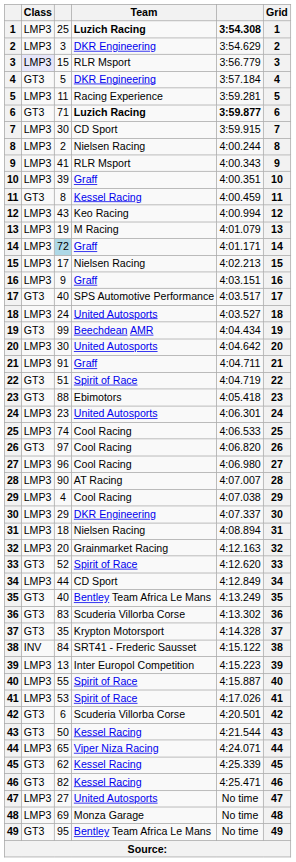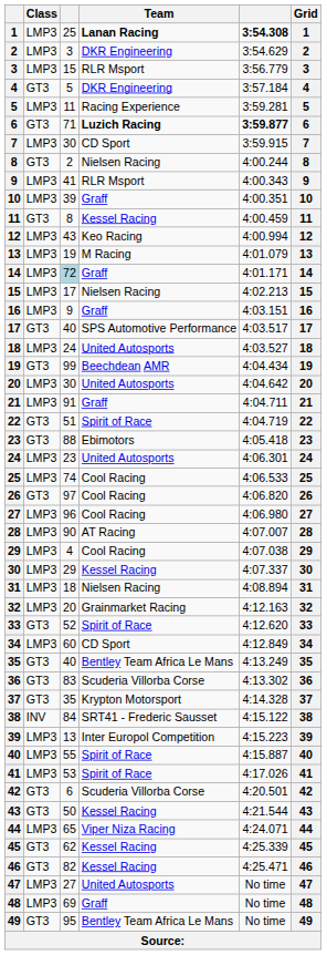 <table class="wikitable" style="font-size: 85%;">
 <tr>
 <th></th>
 <th>Class</th>
 <th></th>
 <th>Team</th>
 <th></th>
 <th>Grid</th>
 </tr>
 <tr>
 <th>1</th>
 <td>LMP3</td>
 <td style="text-align:center">25</td>
-<td><strong>Luzich Racing</strong></td>
+<td><strong>Lanan Racing</strong></td>
 <td style="text-align:center"><strong>3:54.308</strong></td>
 <th>1</th>
 </tr>
 <tr>
 <th>2</th>
 <td>LMP3</td>
 <td style="text-align:center">3</td>
 <td><a href='#'>DKR Engineering</a></td>
 <td style="text-align:center">3:54.629</td>
 <th>2</th>
 </tr>
 <tr>
 <th>3</th>
-<td style="background: lavender;">LMP3</td>
+<td>LMP3</td>
 <td style="text-align:center">15</td>
 <td>RLR Msport</td>
 <td style="text-align:center">3:56.779</td>
 <th>3</th>
 </tr>
 <tr>
 <th>4</th>
 <td>GT3</td>
 <td style="text-align:center">5</td>
 <td><a href='#'>DKR Engineering</a></td>
 <td style="text-align:center">3:57.184</td>
 <th>4</th>
 </tr>
 <tr>
 <th>5</th>
 <td>LMP3</td>
 <td style="text-align:center">11</td>
 <td>Racing Experience</td>
 <td style="text-align:center">3:59.281</td>
 <th>5</th>
 </tr>
 <tr>
 <th>6</th>
 <td>GT3</td>
 <td style="text-align:center">71</td>
 <td><strong>Luzich Racing</strong></td>
 <td style="text-align:center"><strong>3:59.877</strong></td>
 <th>6</th>
 </tr>
 <tr>
 <th>7</th>
 <td>LMP3</td>
 <td style="text-align:center">30</td>
 <td>CD Sport</td>
 <td style="text-align:center">3:59.915</td>
 <th>7</th>
 </tr>
 <tr>
 <th>8</th>
-<td>LMP3</td>
+<td>GT3</td>
 <td style="text-align:center">2</td>
 <td>Nielsen Racing</td>
 <td style="text-align:center">4:00.244</td>
 <th>8</th>
 </tr>
 <tr>
 <th>9</th>
 <td>LMP3</td>
 <td style="text-align:center">41</td>
 <td>RLR Msport</td>
 <td style="text-align:center">4:00.343</td>
 <th>9</th>
 </tr>
 <tr>
 <th>10</th>
 <td>LMP3</td>
 <td style="text-align:center">39</td>
 <td><a href='#'>Graff</a></td>
 <td style="text-align:center">4:00.351</td>
 <th>10</th>
 </tr>
 <tr>
 <th>11</th>
 <td>GT3</td>
 <td style="text-align:center">8</td>
 <td><a href='#'>Kessel Racing</a></td>
 <td style="text-align:center">4:00.459</td>
 <th>11</th>
 </tr>
 <tr>
 <th>12</th>
 <td>LMP3</td>
 <td style="text-align:center">43</td>
 <td>Keo Racing</td>
 <td style="text-align:center">4:00.994</td>
 <th>12</th>
 </tr>
 <tr>
 <th>13</th>
 <td>LMP3</td>
 <td style="text-align:center">19</td>
 <td>M Racing</td>
 <td style="text-align:center">4:01.079</td>
 <th>13</th>
 </tr>
 <tr>
 <th>14</th>
 <td>LMP3</td>
 <td style="background: lightblue; text-align:center">72</td>
 <td><a href='#'>Graff</a></td>
 <td style="text-align:center">4:01.171</td>
 <th>14</th>
 </tr>
 <tr>
 <th>15</th>
 <td>LMP3</td>
 <td style="text-align:center">17</td>
 <td>Nielsen Racing</td>
 <td style="text-align:center">4:02.213</td>
 <th>15</th>
 </tr>
 <tr>
 <th>16</th>
 <td>LMP3</td>
 <td style="text-align:center">9</td>
 <td><a href='#'>Graff</a></td>
 <td style="text-align:center">4:03.151</td>
 <th>16</th>
 </tr>
 <tr>
 <th>17</th>
 <td>GT3</td>
 <td style="text-align:center">40</td>
 <td>SPS Automotive Performance</td>
 <td style="text-align:center">4:03.517</td>
 <th>17</th>
 </tr>
 <tr>
 <th>18</th>
 <td>LMP3</td>
 <td style="text-align:center">24</td>
 <td><a href='#'>United Autosports</a></td>
 <td style="text-align:center">4:03.527</td>
 <th>18</th>
 </tr>
 <tr>
 <th>19</th>
 <td>GT3</td>
 <td style="text-align:center">99</td>
 <td><a href='#'>Beechdean</a> <a href='#'>AMR</a></td>
 <td style="text-align:center">4:04.434</td>
 <th>19</th>
 </tr>
 <tr>
 <th>20</th>
 <td>LMP3</td>
 <td style="text-align:center">30</td>
 <td><a href='#'>United Autosports</a></td>
 <td style="text-align:center">4:04.642</td>
 <th>20</th>
 </tr>
 <tr>
 <th>21</th>
 <td>LMP3</td>
 <td style="text-align:center">91</td>
 <td><a href='#'>Graff</a></td>
 <td style="text-align:center">4:04.711</td>
 <th>21</th>
 </tr>
 <tr>
 <th>22</th>
 <td>GT3</td>
 <td style="text-align:center">51</td>
 <td><a href='#'>Spirit of Race</a></td>
 <td style="text-align:center">4:04.719</td>
 <th>22</th>
 </tr>
 <tr>
 <th>23</th>
 <td>GT3</td>
 <td style="text-align:center">88</td>
 <td>Ebimotors</td>
 <td style="text-align:center">4:05.418</td>
 <th>23</th>
 </tr>
 <tr>
 <th>24</th>
 <td>LMP3</td>
 <td style="text-align:center">23</td>
 <td><a href='#'>United Autosports</a></td>
 <td style="text-align:center">4:06.301</td>
 <th>24</th>
 </tr>
 <tr>
 <th>25</th>
 <td>LMP3</td>
 <td style="text-align:center">74</td>
 <td>Cool Racing</td>
 <td style="text-align:center">4:06.533</td>
 <th>25</th>
 </tr>
 <tr>
 <th>26</th>
 <td>GT3</td>
 <td style="text-align:center">97</td>
 <td>Cool Racing</td>
 <td style="text-align:center">4:06.820</td>
 <th>26</th>
 </tr>
 <tr>
 <th>27</th>
 <td>LMP3</td>
 <td style="text-align:center">96</td>
 <td>Cool Racing</td>
 <td style="text-align:center">4:06.980</td>
 <th>27</th>
 </tr>
 <tr>
 <th>28</th>
 <td>LMP3</td>
 <td style="text-align:center">90</td>
 <td>AT Racing</td>
 <td style="text-align:center">4:07.007</td>
 <th>28</th>
 </tr>
 <tr>
 <th>29</th>
 <td>LMP3</td>
 <td style="text-align:center">4</td>
 <td>Cool Racing</td>
 <td style="text-align:center">4:07.038</td>
 <th>29</th>
 </tr>
 <tr>
 <th>30</th>
 <td>LMP3</td>
 <td style="text-align:center">29</td>
-<td><a href='#'>DKR Engineering</a></td>
+<td><a href='#'>Kessel Racing</a></td>
 <td style="text-align:center">4:07.337</td>
 <th>30</th>
 </tr>
 <tr>
 <th>31</th>
 <td>LMP3</td>
 <td style="text-align:center">18</td>
 <td>Nielsen Racing</td>
 <td style="text-align:center">4:08.894</td>
 <th>31</th>
 </tr>
 <tr>
 <th>32</th>
 <td>LMP3</td>
 <td style="text-align:center">20</td>
 <td>Grainmarket Racing</td>
 <td style="text-align:center">4:12.163</td>
 <th>32</th>
 </tr>
 <tr>
 <th>33</th>
 <td>GT3</td>
 <td style="text-align:center">52</td>
 <td><a href='#'>Spirit of Race</a></td>
 <td style="text-align:center">4:12.620</td>
 <th>33</th>
 </tr>
 <tr>
 <th>34</th>
 <td>LMP3</td>
-<td style="text-align:center">44</td>
+<td style="text-align:center">60</td>
 <td>CD Sport</td>
 <td style="text-align:center">4:12.849</td>
 <th>34</th>
 </tr>
 <tr>
 <th>35</th>
 <td>GT3</td>
 <td style="text-align:center">40</td>
 <td><a href='#'>Bentley</a> Team Africa Le Mans</td>
 <td style="text-align:center">4:13.249</td>
 <th>35</th>
 </tr>
 <tr>
 <th>36</th>
 <td>GT3</td>
 <td style="text-align:center">83</td>
 <td>Scuderia Villorba Corse</td>
 <td style="text-align:center">4:13.302</td>
 <th>36</th>
 </tr>
 <tr>
 <th>37</th>
 <td>GT3</td>
 <td style="text-align:center">35</td>
 <td>Krypton Motorsport</td>
 <td style="text-align:center">4:14.328</td>
 <th>37</th>
 </tr>
 <tr>
 <th>38</th>
 <td>INV</td>
 <td style="text-align:center">84</td>
 <td>SRT41 - Frederic Sausset</td>
 <td style="text-align:center">4:15.122</td>
 <th>38</th>
 </tr>
 <tr>
 <th>39</th>
 <td>LMP3</td>
 <td style="text-align:center">13</td>
 <td>Inter Europol Competition</td>
 <td style="text-align:center">4:15.223</td>
 <th>39</th>
 </tr>
 <tr>
 <th>40</th>
 <td>LMP3</td>
 <td style="text-align:center">55</td>
 <td><a href='#'>Spirit of Race</a></td>
 <td style="text-align:center">4:15.887</td>
 <th>40</th>
 </tr>
 <tr>
 <th>41</th>
 <td>LMP3</td>
 <td style="text-align:center">53</td>
 <td><a href='#'>Spirit of Race</a></td>
 <td style="text-align:center">4:17.026</td>
 <th>41</th>
 </tr>
 <tr>
 <th>42</th>
 <td>GT3</td>
 <td style="text-align:center">6</td>
 <td>Scuderia Villorba Corse</td>
 <td style="text-align:center">4:20.501</td>
 <th>42</th>
 </tr>
 <tr>
 <th>43</th>
 <td>GT3</td>
 <td style="text-align:center">50</td>
 <td><a href='#'>Kessel Racing</a></td>
 <td style="text-align:center">4:21.544</td>
 <th>43</th>
 </tr>
 <tr>
 <th>44</th>
 <td>LMP3</td>
 <td style="text-align:center">65</td>
 <td><a href='#'>Viper Niza Racing</a></td>
 <td style="text-align:center">4:24.071</td>
 <th>44</th>
 </tr>
 <tr>
 <th>45</th>
 <td>GT3</td>
 <td style="text-align:center">62</td>
 <td><a href='#'>Kessel Racing</a></td>
 <td style="text-align:center">4:25.339</td>
 <th>45</th>
 </tr>
 <tr>
 <th>46</th>
 <td>GT3</td>
 <td style="text-align:center">82</td>
 <td><a href='#'>Kessel Racing</a></td>
 <td style="text-align:center">4:25.471</td>
 <th>46</th>
 </tr>
 <tr>
 <th>47</th>
 <td>LMP3</td>
 <td style="text-align:center">27</td>
 <td><a href='#'>United Autosports</a></td>
 <td style="text-align:center">No time</td>
 <th>47</th>
 </tr>
 <tr>
 <th>48</th>
 <td>LMP3</td>
 <td style="text-align:center">69</td>
-<td>Monza Garage</td>
+<td><a href='#'>Graff</a></td>
 <td style="text-align:center">No time</td>
 <th>48</th>
 </tr>
 <tr>
 <th>49</th>
 <td>GT3</td>
 <td style="text-align:center">95</td>
 <td><a href='#'>Bentley</a> Team Africa Le Mans</td>
 <td style="text-align:center">No time</td>
 <th>49</th>
 </tr>
 <tr>
 <th colspan="6">Source:</th>
 </tr>
 </table>
